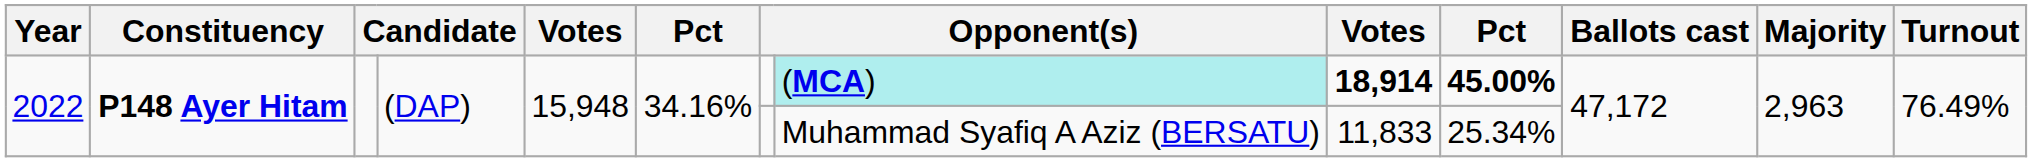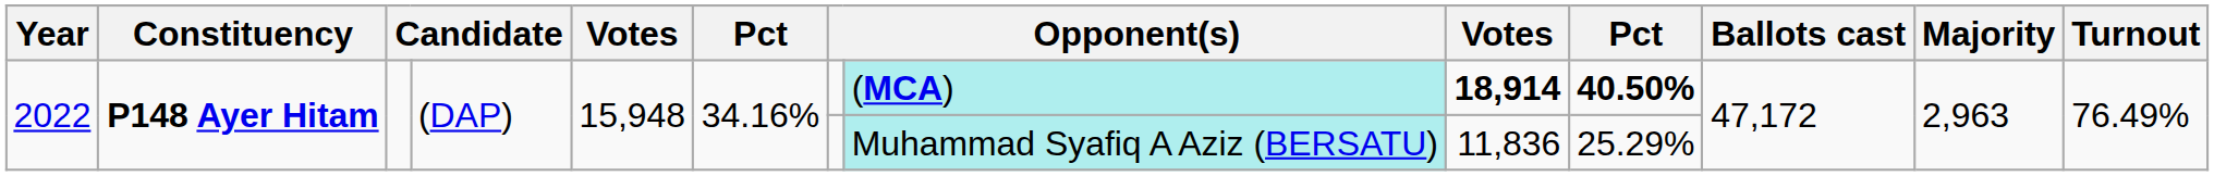 <table class="wikitable" style="margin:0.5em ; font-size:95%">
 <tr>
 <th>Year</th>
 <th>Constituency</th>
 <th colspan=2>Candidate</th>
 <th>Votes</th>
 <th>Pct</th>
 <th colspan=2>Opponent(s)</th>
 <th>Votes</th>
 <th>Pct</th>
 <th>Ballots cast</th>
 <th>Majority</th>
 <th>Turnout</th>
 </tr>
 <tr>
 <td rowspan=2><a href='#'>2022</a></td>
 <td rowspan=2><strong>P148 <a href='#'>Ayer Hitam</a></strong></td>
 <td rowspan=2 ></td>
 <td rowspan=2> (<a href='#'>DAP</a>)</td>
 <td rowspan=2 align="right">15,948</td>
 <td rowspan=2>34.16%</td>
 <td></td>
 <td style="background: paleturquoise;"><strong></strong> (<a href='#'><strong>MCA</strong></a>)</td>
 <td align="right"><strong>18,914</strong></td>
-<td><strong>45.00%</strong></td>
+<td><strong>40.50%</strong></td>
 <td rowspan=2>47,172</td>
 <td rowspan=2>2,963</td>
 <td rowspan=2>76.49%</td>
 </tr>
 <tr>
 <td></td>
-<td>Muhammad Syafiq A Aziz (<a href='#'>BERSATU</a>)</td>
-<td align="right">11,833</td>
-<td>25.34%</td>
+<td style="background: paleturquoise;">Muhammad Syafiq A Aziz (<a href='#'>BERSATU</a>)</td>
+<td align="right">11,836</td>
+<td>25.29%</td>
 </tr>
 </table>
